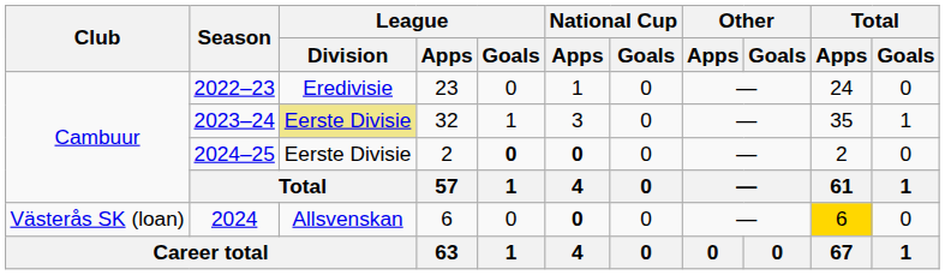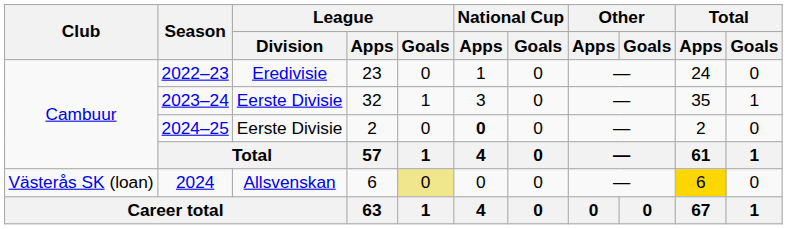 <table class="wikitable" style="text-align:center">
 <tr>
 <th rowspan="2">Club</th>
 <th rowspan="2">Season</th>
 <th colspan="3">League</th>
 <th colspan="2">National Cup</th>
 <th colspan="2">Other</th>
 <th colspan="2">Total</th>
 </tr>
 <tr>
 <th>Division</th>
 <th>Apps</th>
 <th>Goals</th>
 <th>Apps</th>
 <th>Goals</th>
 <th>Apps</th>
 <th>Goals</th>
 <th>Apps</th>
 <th>Goals</th>
 </tr>
 <tr>
 <td rowspan="4"><a href='#'>Cambuur</a></td>
 <td><a href='#'>2022–23</a></td>
 <td><a href='#'>Eredivisie</a></td>
 <td>23</td>
 <td>0</td>
 <td>1</td>
 <td>0</td>
 <td colspan="2">—</td>
 <td>24</td>
 <td>0</td>
 </tr>
 <tr>
 <td><a href='#'>2023–24</a></td>
-<td style="background: khaki;"><a href='#'>Eerste Divisie</a></td>
+<td><a href='#'>Eerste Divisie</a></td>
 <td>32</td>
 <td>1</td>
 <td>3</td>
 <td>0</td>
 <td colspan="2">—</td>
 <td>35</td>
 <td>1</td>
 </tr>
 <tr>
 <td><a href='#'>2024–25</a></td>
 <td>Eerste Divisie</td>
 <td>2</td>
-<td><strong>0</strong></td>
+<td>0</td>
 <td><strong>0</strong></td>
 <td>0</td>
 <td colspan="2">—</td>
 <td>2</td>
 <td>0</td>
 </tr>
 <tr>
 <th colspan="2">Total</th>
 <th>57</th>
 <th>1</th>
 <th>4</th>
 <th>0</th>
 <th colspan="2">—</th>
 <th>61</th>
 <th>1</th>
 </tr>
 <tr>
 <td><a href='#'>Västerås SK</a> (loan)</td>
 <td><a href='#'>2024</a></td>
 <td><a href='#'>Allsvenskan</a></td>
 <td>6</td>
+<td style="background: khaki;">0</td>
 <td>0</td>
-<td><strong>0</strong></td>
 <td>0</td>
 <td colspan="2">—</td>
 <td style="background: gold;">6</td>
 <td>0</td>
 </tr>
 <tr>
 <th colspan="3">Career total</th>
 <th>63</th>
 <th>1</th>
 <th>4</th>
 <th>0</th>
 <th>0</th>
 <th>0</th>
 <th>67</th>
 <th>1</th>
 </tr>
 </table>
